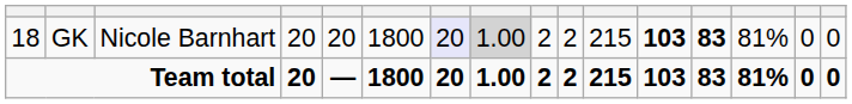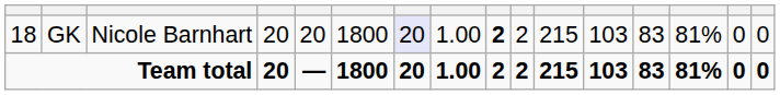 <table class="wikitable sortable" style="text-align:right;">
 <tr>
 <th></th>
 <th></th>
 <th></th>
 <th></th>
 <th></th>
 <th></th>
 <th></th>
 <th></th>
 <th></th>
 <th></th>
 <th></th>
 <th></th>
 <th></th>
 <th></th>
 <th></th>
 <th></th>
 </tr>
 <tr>
 <td>18</td>
 <td>GK</td>
 <td>Nicole Barnhart</td>
 <td>20</td>
 <td>20</td>
 <td>1800</td>
 <td style="background: lavender;">20</td>
-<td style="background: lightgrey;">1.00</td>
-<td>2</td>
+<td>1.00</td>
+<td><strong>2</strong></td>
 <td>2</td>
 <td>215</td>
-<td><strong>103</strong></td>
-<td><strong>83</strong></td>
+<td>103</td>
+<td>83</td>
 <td>81%</td>
 <td>0</td>
 <td>0</td>
 </tr>
 <tr class=sortbottom style="font-weight:bold;">
 <td colspan=3>Team total</td>
 <td>20</td>
 <td>—</td>
 <td>1800</td>
 <td>20</td>
 <td>1.00</td>
 <td>2</td>
 <td>2</td>
 <td>215</td>
 <td>103</td>
 <td>83</td>
 <td>81%</td>
 <td>0</td>
 <td>0</td>
 </tr>
 </table>
